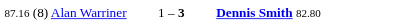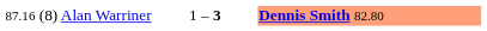 <table style="text-align:center">
 <tr>
 <th width=223></th>
 <th width=100></th>
 <th width=223></th>
 </tr>
 <tr>
 <td align=right><small>87.16</small> (8) <a href='#'>Alan Warriner</a> </td>
 <td>1 – <strong>3</strong></td>
-<td align=left> <strong><a href='#'>Dennis Smith</a></strong> <small>82.80</small></td>
+<td align=left style="background: lightsalmon;"> <strong><a href='#'>Dennis Smith</a></strong> <small>82.80</small></td>
 </tr>
 </table>
